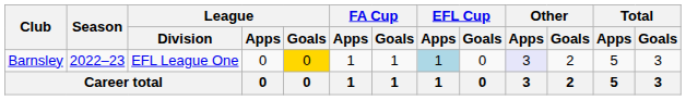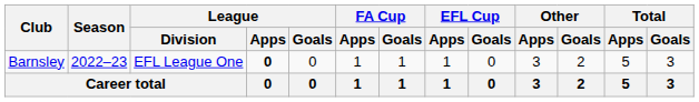 <table class="wikitable" style="text-align:center">
 <tr>
 <th rowspan="2">Club</th>
 <th rowspan="2">Season</th>
 <th colspan="3">League</th>
 <th colspan="2"><a href='#'>FA Cup</a></th>
 <th colspan="2"><a href='#'>EFL Cup</a></th>
 <th colspan="2">Other</th>
 <th colspan="2">Total</th>
 </tr>
 <tr>
 <th>Division</th>
 <th>Apps</th>
 <th>Goals</th>
 <th>Apps</th>
 <th>Goals</th>
 <th>Apps</th>
 <th>Goals</th>
 <th>Apps</th>
 <th>Goals</th>
 <th>Apps</th>
 <th>Goals</th>
 </tr>
 <tr>
 <td><a href='#'>Barnsley</a></td>
 <td><a href='#'>2022–23</a></td>
 <td><a href='#'>EFL League One</a></td>
+<td><strong>0</strong></td>
 <td>0</td>
-<td style="background: gold;">0</td>
 <td>1</td>
 <td>1</td>
-<td style="background: lightblue;">1</td>
+<td>1</td>
 <td>0</td>
-<td style="background: lavender;">3</td>
+<td>3</td>
 <td>2</td>
 <td>5</td>
 <td>3</td>
 </tr>
 <tr>
 <th colspan="3">Career total</th>
 <th>0</th>
 <th>0</th>
 <th>1</th>
 <th>1</th>
 <th>1</th>
 <th>0</th>
 <th>3</th>
 <th>2</th>
 <th>5</th>
 <th>3</th>
 </tr>
 </table>
